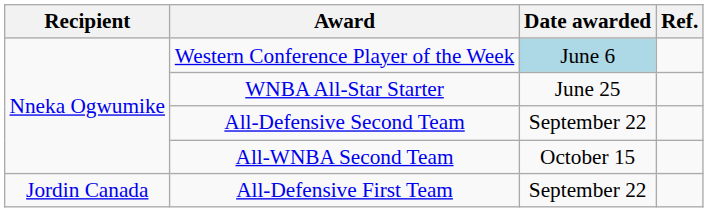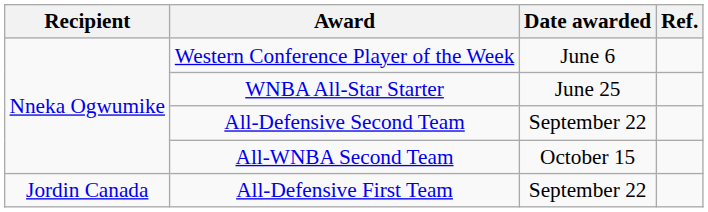 <table class="wikitable sortable sortable" style="text-align: center">
 <tr>
 <th>Recipient</th>
 <th>Award</th>
 <th>Date awarded</th>
 <th>Ref.</th>
 </tr>
 <tr>
 <td rowspan=4><a href='#'>Nneka Ogwumike</a></td>
 <td><a href='#'>Western Conference Player of the Week</a></td>
-<td style="background: lightblue;">June 6</td>
+<td>June 6</td>
 <td></td>
 </tr>
 <tr>
 <td><a href='#'>WNBA All-Star Starter</a></td>
 <td>June 25</td>
 <td></td>
 </tr>
 <tr>
 <td><a href='#'>All-Defensive Second Team</a></td>
 <td>September 22</td>
 <td></td>
 </tr>
 <tr>
 <td><a href='#'>All-WNBA Second Team</a></td>
 <td>October 15</td>
 <td></td>
 </tr>
 <tr>
 <td><a href='#'>Jordin Canada</a></td>
 <td><a href='#'>All-Defensive First Team</a></td>
 <td>September 22</td>
 <td></td>
 </tr>
 </table>
